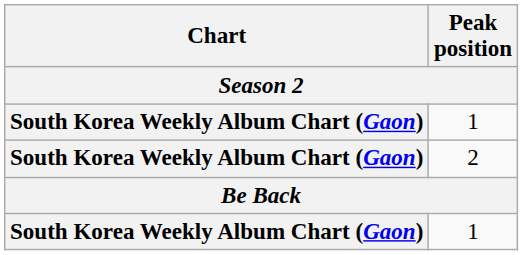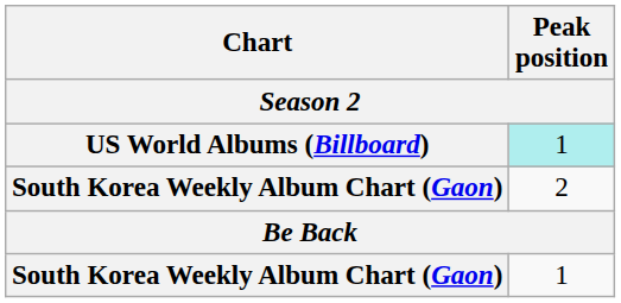 <table class="wikitable sortable plainrowheaders">
 <tr>
 <th>Chart</th>
 <th>Peak<br>position</th>
 </tr>
 <tr>
 <th colspan="2"><em>Season 2</em></th>
 </tr>
 <tr>
-<th scope="row">South Korea Weekly Album Chart (<em><a href='#'>Gaon</a></em>)</th>
-<td align="center">1</td>
+<th scope="row">US World Albums (<em><a href='#'>Billboard</a></em>)</th>
+<td align="center" style="background: paleturquoise;">1</td>
 </tr>
 <tr>
 <th scope="row">South Korea Weekly Album Chart (<em><a href='#'>Gaon</a></em>)</th>
 <td align="center">2</td>
 </tr>
 <tr>
 <th colspan="2"><em>Be Back</em></th>
 </tr>
 <tr>
 <th scope="row">South Korea Weekly Album Chart (<em><a href='#'>Gaon</a></em>)</th>
 <td align="center">1</td>
 </tr>
 </table>
